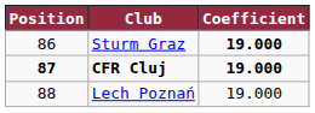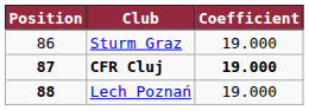 <table class="wikitable" style="text-align: center;">
 <tr>
 <th scope=col style="background:#94283f;color:#ffffff;border:1px solid #231f20;">Position</th>
 <th scope=col style="background:#94283f;color:#ffffff;border:1px solid #231f20;">Club</th>
 <th scope=col style="background:#94283f;color:#ffffff;border:1px solid #231f20;">Coefficient</th>
 </tr>
 <tr>
 </tr>
 <tr>
 <td>86</td>
 <td align=left> <a href='#'>Sturm Graz</a></td>
-<td><strong>19.000</strong></td>
+<td>19.000</td>
 </tr>
 <tr>
 <td><strong>87</strong></td>
 <td align=left> <strong>CFR Cluj</strong></td>
 <td><strong> 19.000 </strong></td>
 </tr>
 <tr>
-<td>88</td>
+<td><strong>88</strong></td>
 <td align=left> <a href='#'>Lech Poznań</a></td>
 <td>19.000</td>
 </tr>
 </table>
